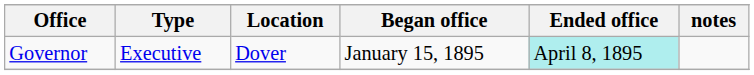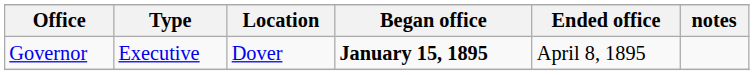 <table class=wikitable style="width: 94%" style="text-align: center;" align="center">
 <tr>
 </tr>
 <tr>
 <th>Office</th>
 <th>Type</th>
 <th>Location</th>
 <th>Began office</th>
 <th>Ended office</th>
 <th>notes</th>
 </tr>
 <tr>
 <td><a href='#'>Governor</a></td>
 <td><a href='#'>Executive</a></td>
 <td><a href='#'>Dover</a></td>
-<td>January 15, 1895</td>
-<td style="background: paleturquoise;">April 8, 1895</td>
+<td><strong>January 15, 1895</strong></td>
+<td>April 8, 1895</td>
 <td></td>
 </tr>
 <tr>
 </tr>
 </table>
